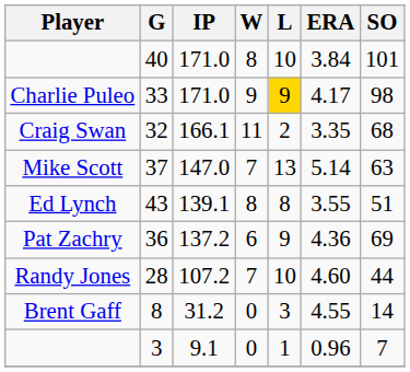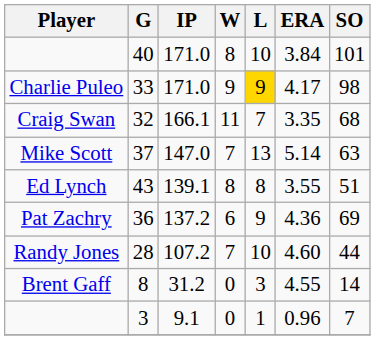 <table class="wikitable sortable">
 <tr>
 <th>Player</th>
 <th>G</th>
 <th>IP</th>
 <th>W</th>
 <th>L</th>
 <th>ERA</th>
 <th>SO</th>
 </tr>
 <tr align="center">
 <td></td>
 <td>40</td>
 <td>171.0</td>
 <td>8</td>
 <td>10</td>
 <td>3.84</td>
 <td>101</td>
 </tr>
 <tr align="center">
 <td><a href='#'>Charlie Puleo</a></td>
 <td>33</td>
 <td>171.0</td>
 <td>9</td>
 <td style="background: gold;">9</td>
 <td>4.17</td>
 <td>98</td>
 </tr>
 <tr align=center>
 <td><a href='#'>Craig Swan</a></td>
 <td>32</td>
 <td>166.1</td>
 <td>11</td>
-<td>2</td>
+<td>7</td>
 <td>3.35</td>
 <td>68</td>
 </tr>
 <tr align=center>
 <td><a href='#'>Mike Scott</a></td>
 <td>37</td>
 <td>147.0</td>
 <td>7</td>
 <td>13</td>
 <td>5.14</td>
 <td>63</td>
 </tr>
 <tr align=center>
 <td><a href='#'>Ed Lynch</a></td>
 <td>43</td>
 <td>139.1</td>
 <td>8</td>
 <td>8</td>
 <td>3.55</td>
 <td>51</td>
 </tr>
 <tr align=center>
 <td><a href='#'>Pat Zachry</a></td>
 <td>36</td>
 <td>137.2</td>
 <td>6</td>
 <td>9</td>
 <td>4.36</td>
 <td>69</td>
 </tr>
 <tr align=center>
 <td><a href='#'>Randy Jones</a></td>
 <td>28</td>
 <td>107.2</td>
 <td>7</td>
 <td>10</td>
 <td>4.60</td>
 <td>44</td>
 </tr>
 <tr align=center>
 <td><a href='#'>Brent Gaff</a></td>
 <td>8</td>
 <td>31.2</td>
 <td>0</td>
 <td>3</td>
 <td>4.55</td>
 <td>14</td>
 </tr>
 <tr align=center>
 <td></td>
 <td>3</td>
 <td>9.1</td>
 <td>0</td>
 <td>1</td>
 <td>0.96</td>
 <td>7</td>
 </tr>
 <tr align="center">
 </tr>
 </table>
